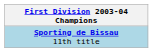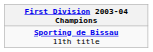 <table class="wikitable" style="margin: 0 auto; width: 240px;">
 <tr>
 <th><a href='#'>First Division</a> 2003-04<br>Champions</th>
 </tr>
 <tr>
-<td align=center style="background: lightblue;"><strong><a href='#'>Sporting de Bissau</a></strong><br>11th title</td>
+<td align=center><strong><a href='#'>Sporting de Bissau</a></strong><br>11th title</td>
 </tr>
 </table>
